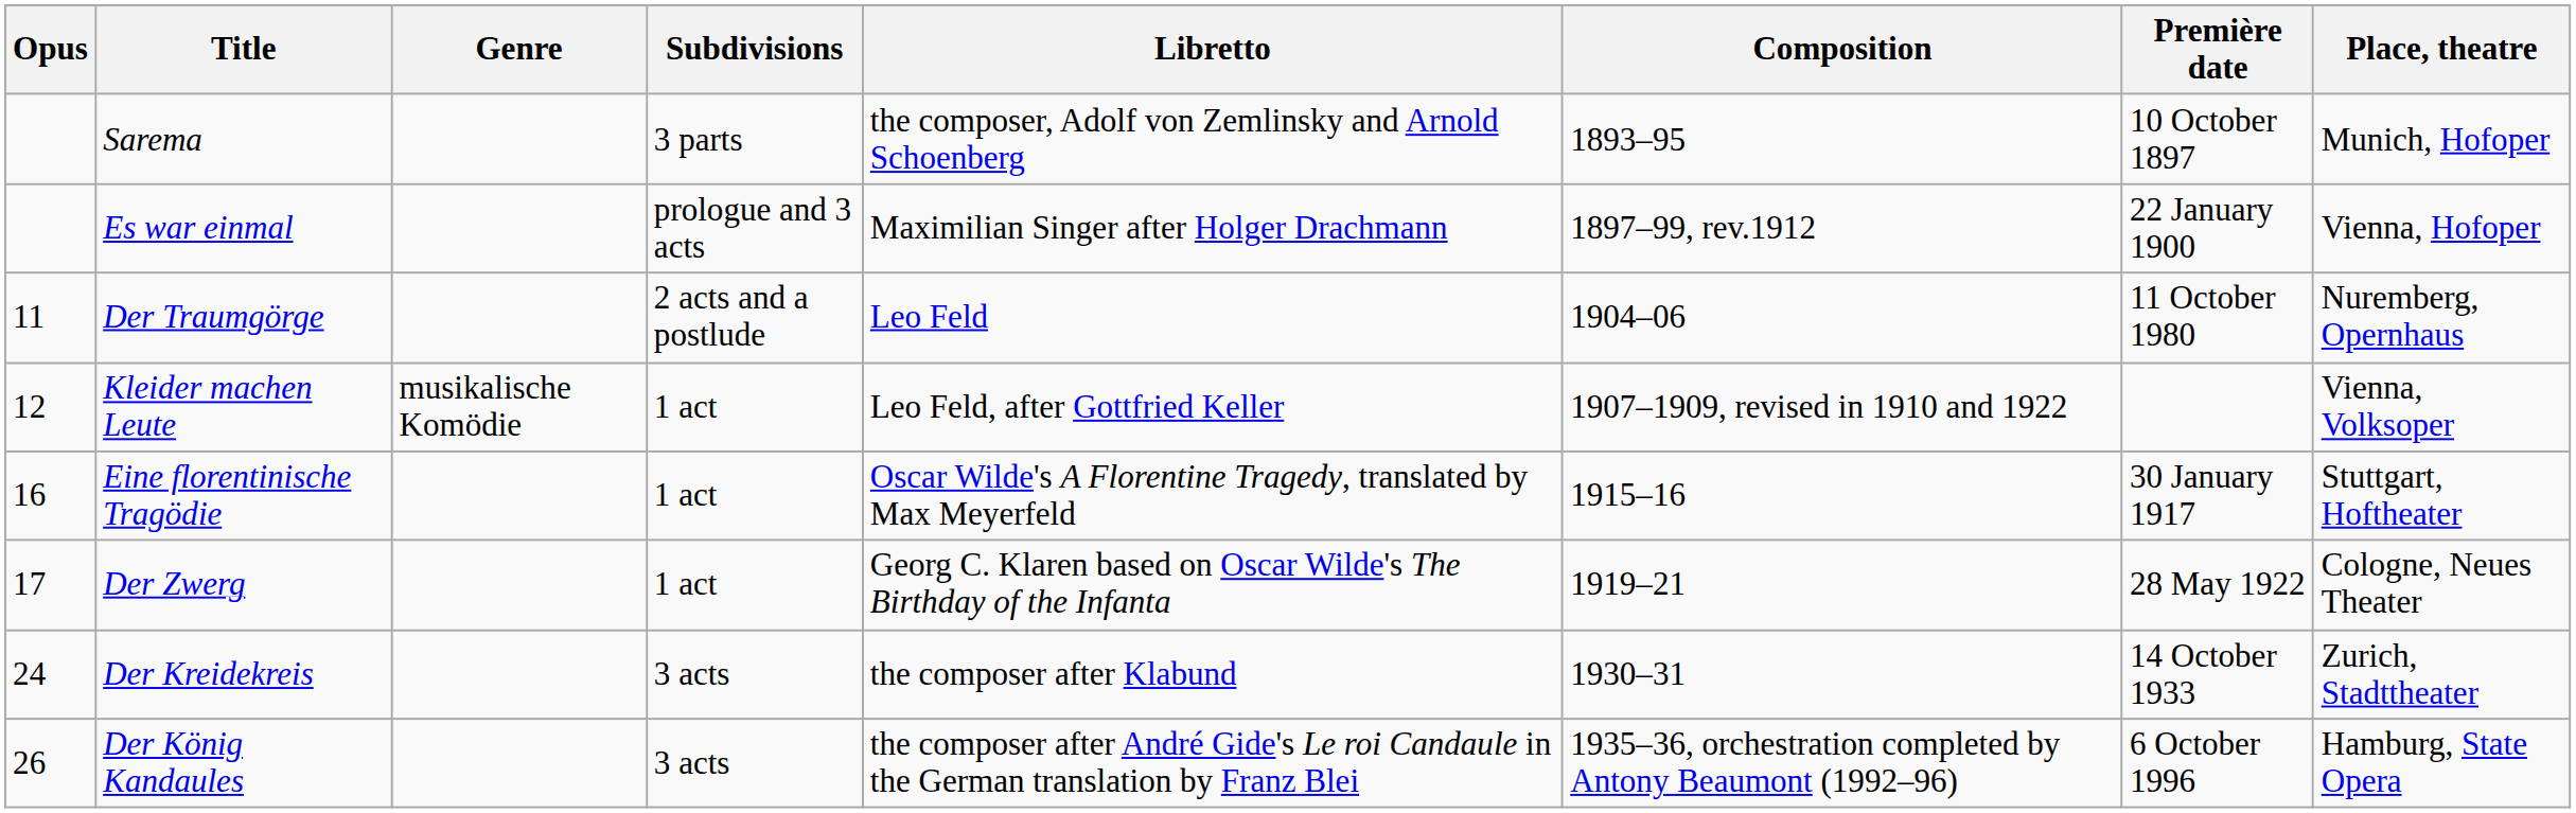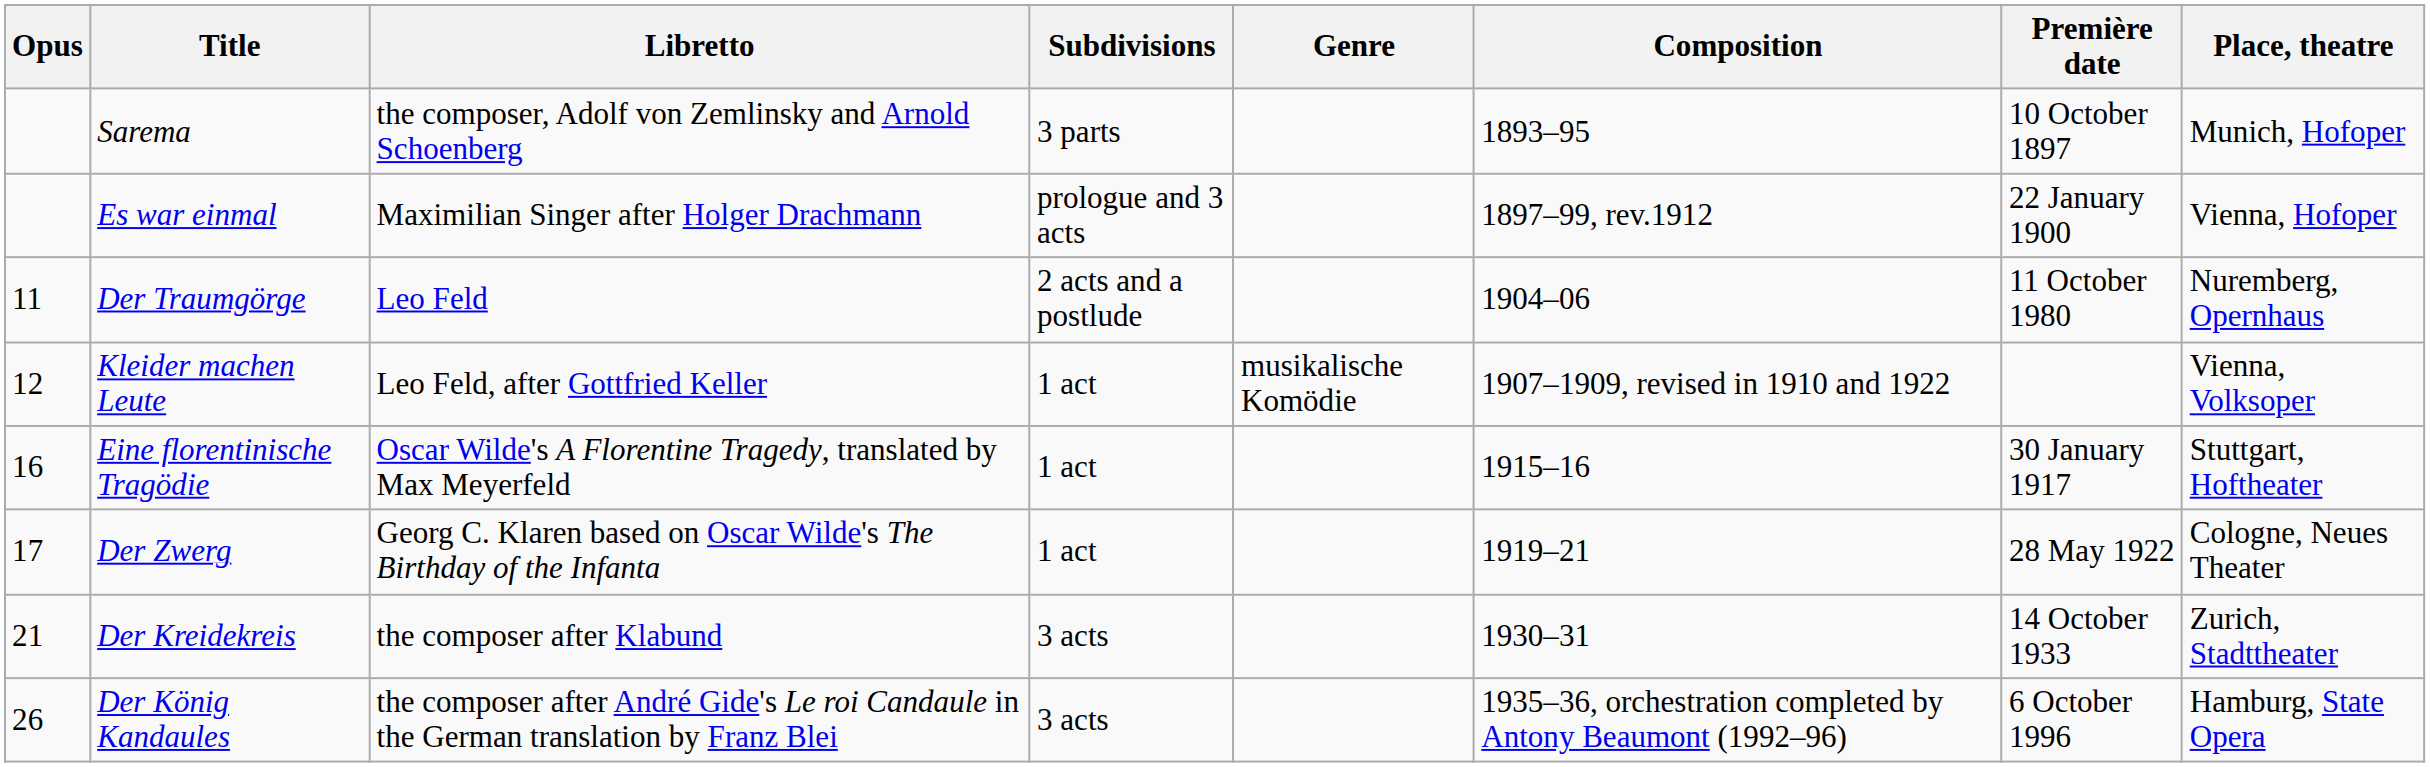 <table class="wikitable sortable">
 <tr>
 <th>Opus</th>
 <th>Title</th>
+<th>Libretto</th>
+<th>Sub­divisions</th>
 <th>Genre</th>
-<th>Sub­divisions</th>
-<th>Libretto</th>
 <th>Composition</th>
 <th>Première date</th>
 <th>Place, theatre</th>
 </tr>
 <tr>
 <td> </td>
 <td><em>Sarema</em></td>
+<td>the composer, Adolf von Zemlinsky and <a href='#'>Arnold Schoenberg</a></td>
+<td>3 parts</td>
 <td> </td>
-<td>3 parts</td>
-<td>the composer, Adolf von Zemlinsky and <a href='#'>Arnold Schoenberg</a></td>
 <td>1893–95</td>
 <td>10 October 1897</td>
 <td>Munich, <a href='#'>Hofoper</a></td>
 </tr>
 <tr>
 <td> </td>
 <td><em><a href='#'>Es war einmal</a></em></td>
+<td>Maximilian Singer after <a href='#'>Holger Drachmann</a></td>
+<td>prologue and 3 acts</td>
 <td> </td>
-<td>prologue and 3 acts</td>
-<td>Maximilian Singer after <a href='#'>Holger Drachmann</a></td>
 <td>1897–99, rev.1912</td>
 <td>22 January 1900</td>
 <td>Vienna, <a href='#'>Hofoper</a></td>
 </tr>
 <tr>
 <td>11</td>
 <td><em><a href='#'>Der Traumgörge</a></em></td>
+<td><a href='#'>Leo Feld</a></td>
+<td>2 acts and a postlude</td>
 <td></td>
-<td>2 acts and a postlude</td>
-<td><a href='#'>Leo Feld</a></td>
 <td>1904–06</td>
 <td>11 October 1980</td>
 <td>Nuremberg, <a href='#'>Opernhaus</a></td>
 </tr>
 <tr>
 <td>12</td>
 <td><em><a href='#'>Kleider machen Leute</a></em></td>
+<td>Leo Feld, after <a href='#'>Gottfried Keller</a></td>
+<td>1 act</td>
 <td>musikalische Komödie</td>
-<td>1 act</td>
-<td>Leo Feld, after <a href='#'>Gottfried Keller</a></td>
 <td>1907–1909, revised in 1910 and 1922</td>
 <td></td>
 <td>Vienna, <a href='#'>Volksoper</a></td>
 </tr>
 <tr>
 <td>16</td>
 <td><em><a href='#'>Eine florentinische Tragödie</a></em></td>
+<td><a href='#'>Oscar Wilde</a>'s <em>A Florentine Tragedy</em>, translated by Max Meyerfeld</td>
+<td>1 act</td>
 <td> </td>
-<td>1 act</td>
-<td><a href='#'>Oscar Wilde</a>'s <em>A Florentine Tragedy</em>, translated by Max Meyerfeld</td>
 <td>1915–16</td>
 <td>30 January 1917</td>
 <td>Stuttgart, <a href='#'>Hoftheater</a></td>
 </tr>
 <tr>
 <td>17</td>
 <td><em><a href='#'>Der Zwerg</a></em></td>
+<td>Georg C. Klaren based on <a href='#'>Oscar Wilde</a>'s <em>The Birthday of the Infanta</em></td>
+<td>1 act</td>
 <td> </td>
-<td>1 act</td>
-<td>Georg C. Klaren based on <a href='#'>Oscar Wilde</a>'s <em>The Birthday of the Infanta</em></td>
 <td>1919–21</td>
 <td>28 May 1922</td>
 <td>Cologne, Neues Theater</td>
 </tr>
 <tr>
-<td>24</td>
+<td>21</td>
 <td><em><a href='#'>Der Kreidekreis</a></em></td>
+<td> the composer after <a href='#'>Klabund</a></td>
+<td>3 acts</td>
 <td> </td>
-<td>3 acts</td>
-<td> the composer after <a href='#'>Klabund</a></td>
 <td>1930–31</td>
 <td>14 October 1933</td>
 <td>Zurich, <a href='#'>Stadttheater</a></td>
 </tr>
 <tr>
 <td>26</td>
 <td><em><a href='#'>Der König Kandaules</a></em></td>
+<td> the composer after <a href='#'>André Gide</a>'s <em>Le roi Candaule</em> in the German translation by <a href='#'>Franz Blei</a></td>
+<td>3 acts</td>
 <td> </td>
-<td>3 acts</td>
-<td> the composer after <a href='#'>André Gide</a>'s <em>Le roi Candaule</em> in the German translation by <a href='#'>Franz Blei</a></td>
 <td>1935–36, orchestration completed by <a href='#'>Antony Beaumont</a> (1992–96)</td>
 <td>6 October 1996</td>
 <td>Hamburg, <a href='#'>State Opera</a></td>
 </tr>
 </table>
